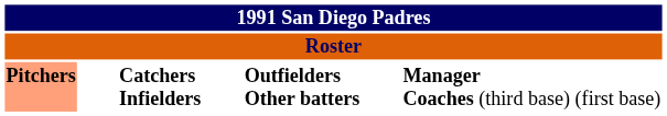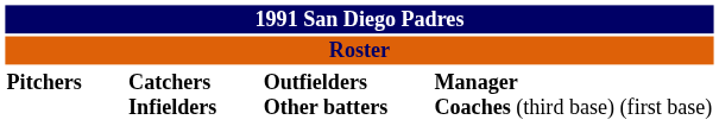 <table class="toccolours" style="font-size: 95%;">
 <tr>
 <th colspan="10" style="background-color: #000066;; color: #FFFFFF; text-align: center;">1991 San Diego Padres</th>
 </tr>
 <tr>
 <td colspan="10" style="background-color: #de6108; color: #000066; text-align: center;"><strong>Roster</strong></td>
 </tr>
 <tr>
-<td valign="top" style="background: lightsalmon;"><strong>Pitchers</strong><br>                      </td>
+<td valign="top"><strong>Pitchers</strong><br>                      </td>
 <td width="25px"></td>
 <td valign="top"><strong>Catchers</strong><br>   <strong>Infielders</strong>             </td>
 <td width="25px"></td>
 <td valign="top"><strong>Outfielders</strong><br>         <strong>Other batters</strong> </td>
 <td width="25px"></td>
 <td valign="top"><strong>Manager</strong><br> <strong>Coaches</strong>  (third base)  (first base)   </td>
 </tr>
 </table>
